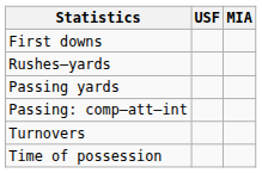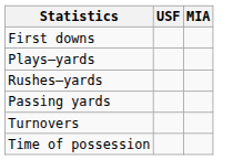 <table class="wikitable" style="float:left">
 <tr>
 <th>Statistics</th>
 <th>USF</th>
 <th>MIA</th>
 </tr>
 <tr>
 <td>First downs</td>
+<td></td>
+<td></td>
+</tr>
+<tr>
+<td>Plays–yards</td>
 <td></td>
 <td></td>
 </tr>
 <tr>
 <td>Rushes–yards</td>
 <td></td>
 <td></td>
 </tr>
 <tr>
 <td>Passing yards</td>
 <td></td>
 <td></td>
 </tr>
 <tr>
-<td>Passing: comp–att–int</td>
-<td></td>
-<td></td>
-</tr>
-<tr>
 <td>Turnovers</td>
 <td></td>
 <td></td>
 </tr>
 <tr>
 <td>Time of possession</td>
 <td></td>
 <td></td>
 </tr>
 </table>
